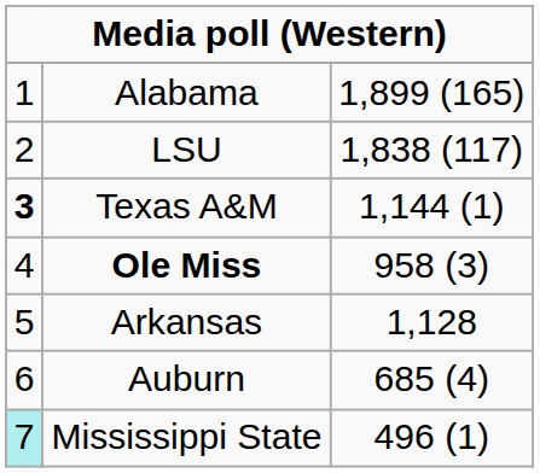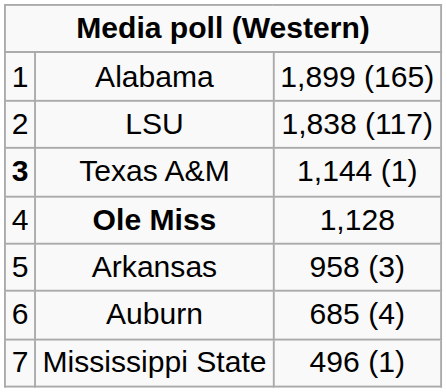 <table class="wikitable">
 <tr align="center">
 <td align="center" Colspan="3"><strong>Media poll (Western)</strong></td>
 </tr>
 <tr align="center">
 </tr>
 <tr align="center">
 <td>1</td>
 <td>Alabama</td>
 <td>1,899 (165)</td>
 </tr>
 <tr align="center">
 <td>2</td>
 <td>LSU</td>
 <td>1,838 (117)</td>
 </tr>
 <tr align="center">
 <td><strong>3</strong></td>
 <td>Texas A&M</td>
 <td>1,144 (1)</td>
 </tr>
 <tr align="center">
 <td>4</td>
 <td><strong>Ole Miss</strong></td>
-<td>958 (3)</td>
+<td>1,128</td>
 </tr>
 <tr align="center">
 <td>5</td>
 <td>Arkansas</td>
-<td>1,128</td>
+<td>958 (3)</td>
 </tr>
 <tr align="center">
 <td>6</td>
 <td>Auburn</td>
 <td>685 (4)</td>
 </tr>
 <tr align="center">
-<td style="background: paleturquoise;">7</td>
+<td>7</td>
 <td>Mississippi State</td>
 <td>496 (1)</td>
 </tr>
 </table>
